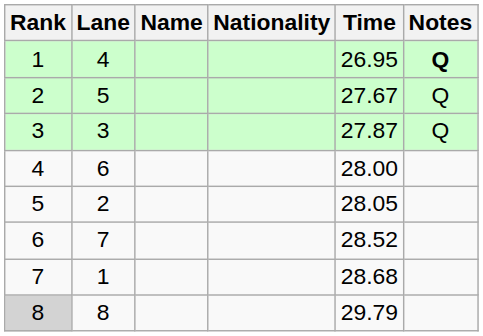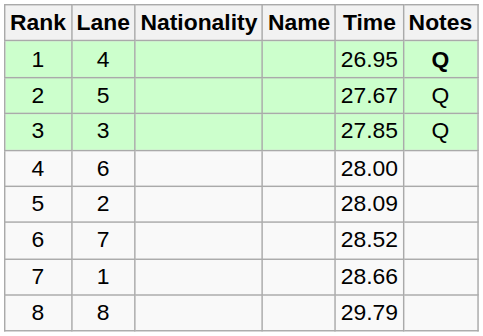 <table class="wikitable sortable" style="text-align:center">
 <tr>
 <th>Rank</th>
 <th>Lane</th>
+<th>Nationality</th>
 <th>Name</th>
-<th>Nationality</th>
 <th>Time</th>
 <th>Notes</th>
 </tr>
 <tr bgcolor="ccffcc">
 <td>1</td>
 <td>4</td>
 <td align="left"></td>
 <td align="left"></td>
 <td>26.95</td>
 <td><strong>Q</strong></td>
 </tr>
 <tr bgcolor="ccffcc">
 <td>2</td>
 <td>5</td>
 <td align="left"></td>
 <td align="left"></td>
 <td>27.67</td>
 <td>Q</td>
 </tr>
 <tr bgcolor="ccffcc">
 <td>3</td>
 <td>3</td>
 <td align="left"></td>
 <td align="left"></td>
-<td>27.87</td>
+<td>27.85</td>
 <td>Q</td>
 </tr>
 <tr>
 <td>4</td>
 <td>6</td>
 <td align="left"></td>
 <td align="left"></td>
 <td>28.00</td>
 <td></td>
 </tr>
 <tr>
 <td>5</td>
 <td>2</td>
 <td align="left"></td>
 <td align="left"></td>
-<td>28.05</td>
+<td>28.09</td>
 <td></td>
 </tr>
 <tr>
 <td>6</td>
 <td>7</td>
 <td align="left"></td>
 <td align="left"></td>
 <td>28.52</td>
 <td></td>
 </tr>
 <tr>
 <td>7</td>
 <td>1</td>
 <td align="left"></td>
 <td align="left"></td>
-<td>28.68</td>
+<td>28.66</td>
 <td></td>
 </tr>
 <tr>
-<td style="background: lightgrey;">8</td>
+<td>8</td>
 <td>8</td>
 <td align="left"></td>
 <td align="left"></td>
 <td>29.79</td>
 <td></td>
 </tr>
 </table>
